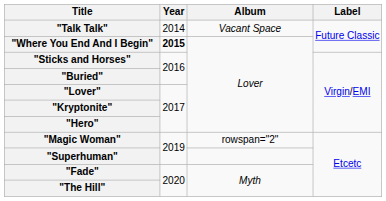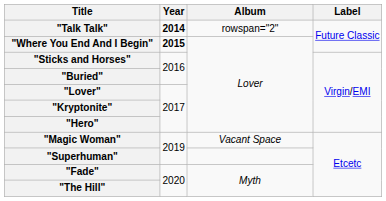 <table class="wikitable plainrowheaders" style="text-align:center;">
 <tr>
 <th scope="col" style="width:15em;">Title</th>
 <th scope="col" style="width:1em;">Year</th>
 <th scope="col" style="width:12em;">Album</th>
 <th>Label</th>
 </tr>
 <tr>
 <th scope="row">"Talk Talk"</th>
-<td>2014</td>
-<td><em>Vacant Space</em></td>
+<td><strong>2014</strong></td>
+<td>rowspan="2" </td>
 <td rowspan="2"><a href='#'>Future Classic</a></td>
 </tr>
 <tr>
 <th scope="row">"Where You End And I Begin" <br></th>
 <td><strong>2015</strong></td>
 <td rowspan="6"><em>Lover</em></td>
 </tr>
 <tr>
 <th scope="row">"Sticks and Horses"<br></th>
 <td rowspan="2">2016</td>
 <td rowspan="5"><a href='#'>Virgin</a>/<a href='#'>EMI</a></td>
 </tr>
 <tr>
 <th scope="row">"Buried" <br></th>
 </tr>
 <tr>
 <th scope="row">"Lover"</th>
 <td rowspan="3">2017</td>
 </tr>
 <tr>
 <th scope="row">"Kryptonite"</th>
 </tr>
 <tr>
 <th scope="row">"Hero"</th>
 </tr>
 <tr>
 <th scope="row">"Magic Woman"</th>
 <td rowspan="2">2019</td>
-<td>rowspan="2" </td>
+<td><em>Vacant Space</em></td>
 <td rowspan="4"><a href='#'>Etcetc</a></td>
 </tr>
 <tr>
 <th scope="row">"Superhuman"</th>
 </tr>
 <tr>
 <th scope="row">"Fade"</th>
 <td rowspan="2">2020</td>
 <td rowspan="2"><em>Myth</em></td>
 </tr>
 <tr>
 <th scope="row">"The Hill"</th>
 </tr>
 </table>
